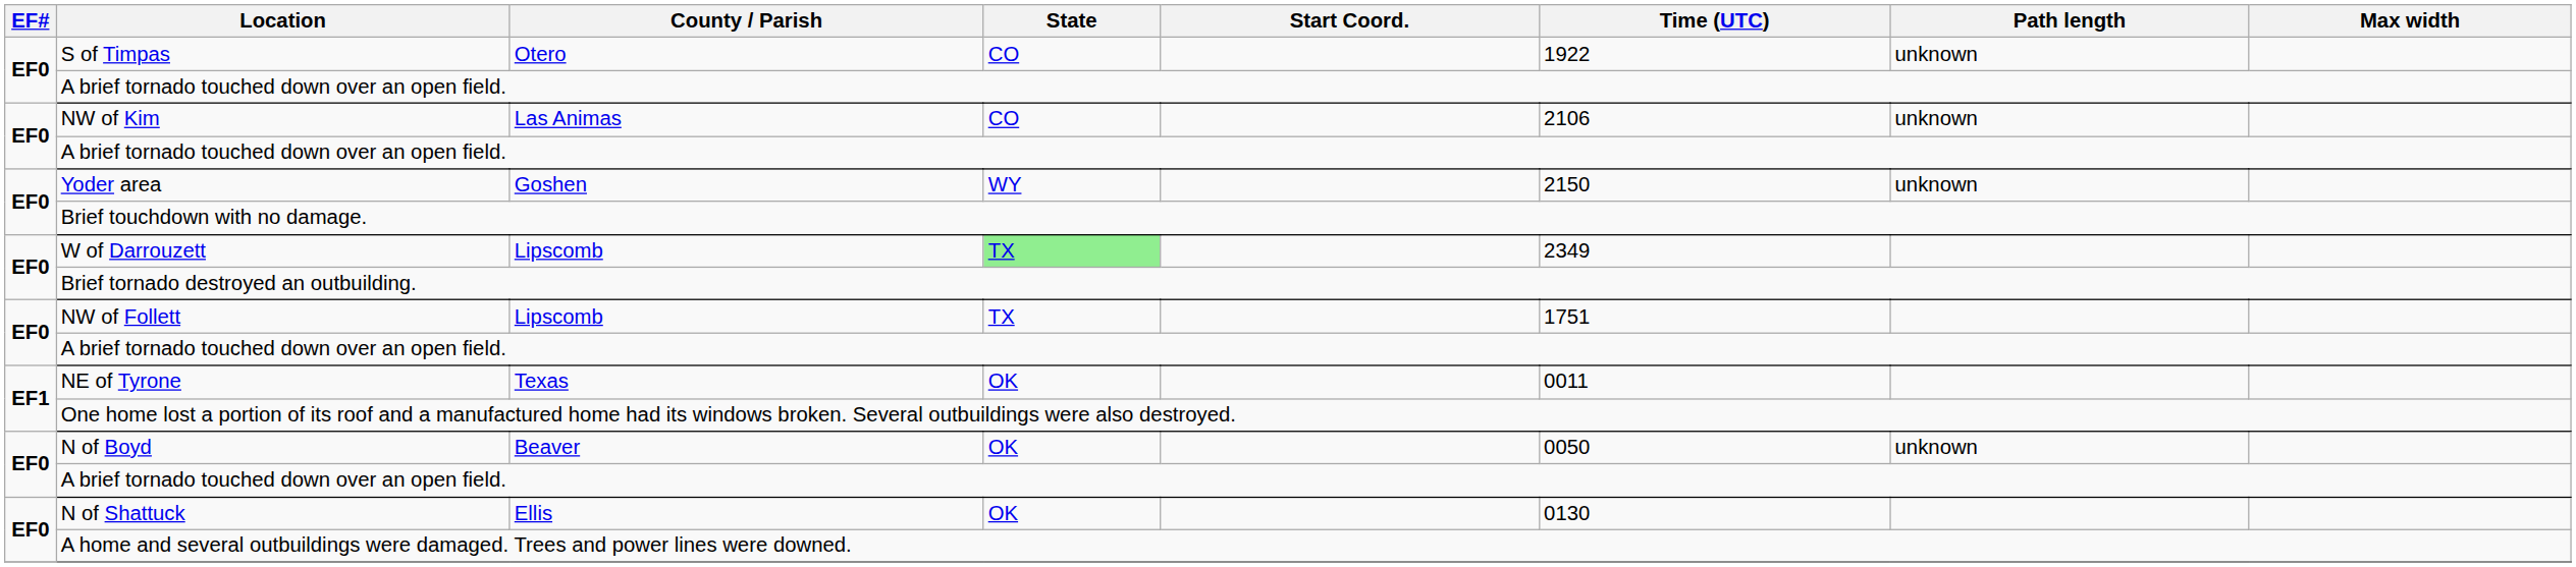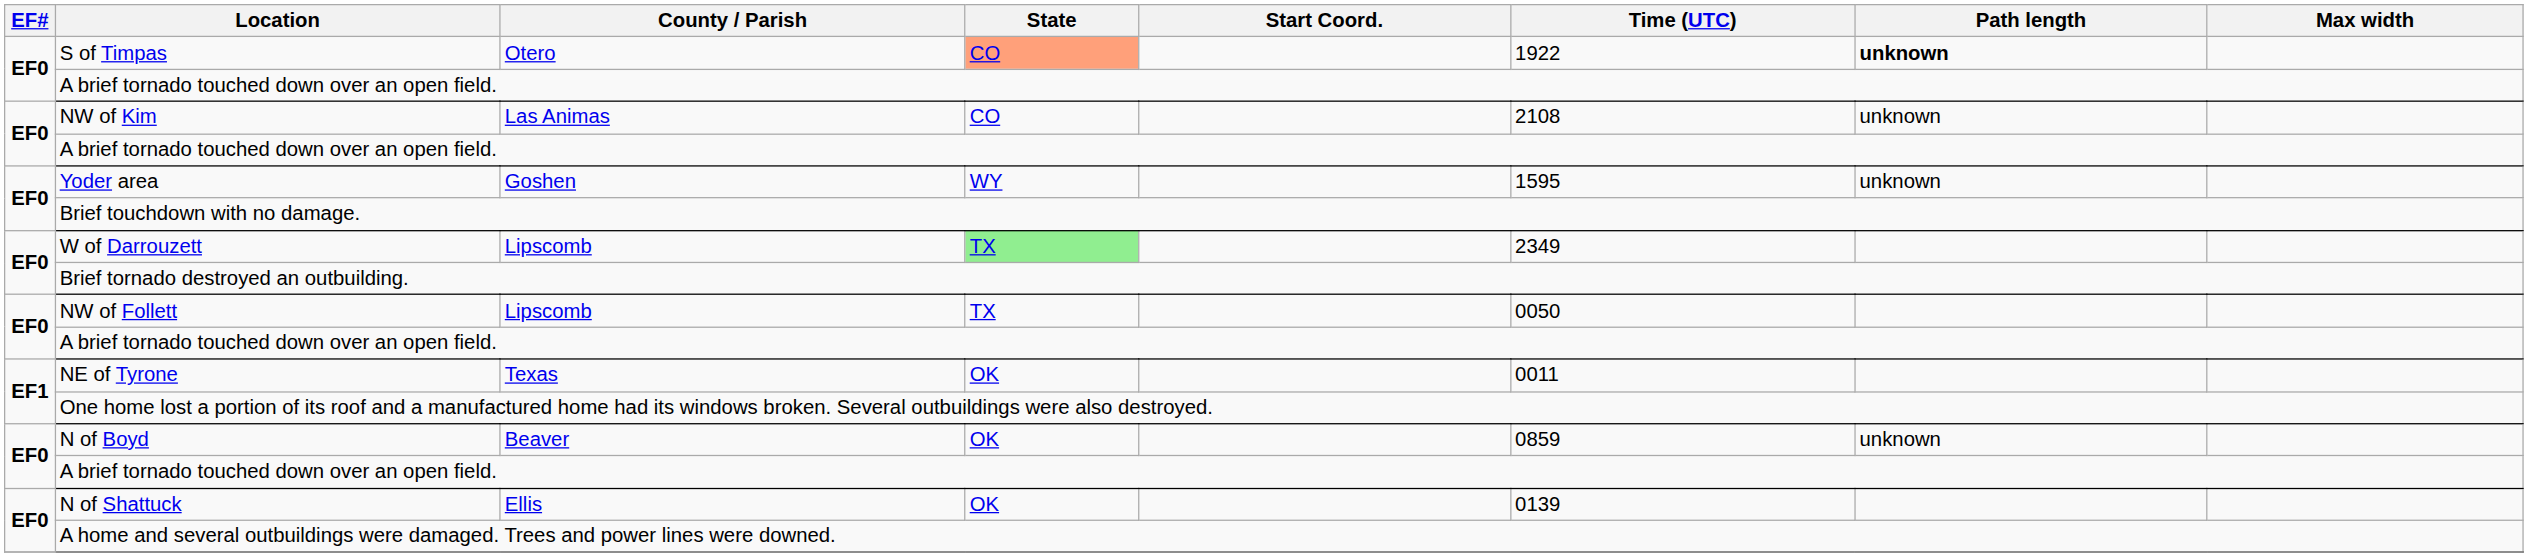 <table class="wikitable sortable" style="width:100%;">
 <tr>
 <th scope="col" width="2%" align="center"><a href='#'>EF#</a></th>
 <th scope="col" align="center" class="unsortable">Location</th>
 <th scope="col" align="center" class="unsortable">County / Parish</th>
 <th scope="col" align="center">State</th>
 <th scope="col" align="center" data-sort-type="number">Start Coord.</th>
 <th scope="col" align="center" data-sort-type="number">Time (<a href='#'>UTC</a>)</th>
 <th scope="col" align="center" data-sort-type="number">Path length</th>
 <th scope="col" align="center" data-sort-type="number">Max width</th>
 </tr>
 <tr>
 <td rowspan="2" align="center"><strong>EF0</strong></td>
 <td>S of <a href='#'>Timpas</a></td>
 <td><a href='#'>Otero</a></td>
-<td><a href='#'>CO</a></td>
+<td style="background: lightsalmon;"><a href='#'>CO</a></td>
 <td></td>
 <td>1922</td>
-<td>unknown</td>
+<td><strong>unknown</strong></td>
 <td></td>
 </tr>
 <tr class="expand-child">
 <td colspan="8" style=" border-bottom: 1px solid black;">A brief tornado touched down over an open field.</td>
 </tr>
 <tr>
 <td rowspan="2" align="center"><strong>EF0</strong></td>
 <td>NW of <a href='#'>Kim</a></td>
 <td><a href='#'>Las Animas</a></td>
 <td><a href='#'>CO</a></td>
 <td></td>
-<td>2106</td>
+<td>2108</td>
 <td>unknown</td>
 <td></td>
 </tr>
 <tr class="expand-child">
 <td colspan="8" style=" border-bottom: 1px solid black;">A brief tornado touched down over an open field.</td>
 </tr>
 <tr>
 <td rowspan="2" align="center"><strong>EF0</strong></td>
 <td><a href='#'>Yoder</a> area</td>
 <td><a href='#'>Goshen</a></td>
 <td><a href='#'>WY</a></td>
 <td></td>
-<td>2150</td>
+<td>1595</td>
 <td>unknown</td>
 <td></td>
 </tr>
 <tr class="expand-child">
 <td colspan="8" style=" border-bottom: 1px solid black;">Brief touchdown with no damage.</td>
 </tr>
 <tr>
 <td rowspan="2" align="center"><strong>EF0</strong></td>
 <td>W of <a href='#'>Darrouzett</a></td>
 <td><a href='#'>Lipscomb</a></td>
 <td style="background: lightgreen;"><a href='#'>TX</a></td>
 <td></td>
 <td>2349</td>
 <td></td>
 <td></td>
 </tr>
 <tr class="expand-child">
 <td colspan="8" style=" border-bottom: 1px solid black;">Brief tornado destroyed an outbuilding.</td>
 </tr>
 <tr>
 <td rowspan="2" align="center"><strong>EF0</strong></td>
 <td>NW of <a href='#'>Follett</a></td>
 <td><a href='#'>Lipscomb</a></td>
 <td><a href='#'>TX</a></td>
 <td></td>
-<td>1751</td>
+<td>0050</td>
 <td></td>
 <td></td>
 </tr>
 <tr class="expand-child">
 <td colspan="8" style=" border-bottom: 1px solid black;">A brief tornado touched down over an open field.</td>
 </tr>
 <tr>
 <td rowspan="2" align="center"><strong>EF1</strong></td>
 <td>NE of <a href='#'>Tyrone</a></td>
 <td><a href='#'>Texas</a></td>
 <td><a href='#'>OK</a></td>
 <td></td>
 <td>0011</td>
 <td></td>
 <td></td>
 </tr>
 <tr class="expand-child">
 <td colspan="8" style=" border-bottom: 1px solid black;">One home lost a portion of its roof and a manufactured home had its windows broken. Several outbuildings were also destroyed.</td>
 </tr>
 <tr>
 <td rowspan="2" align="center"><strong>EF0</strong></td>
 <td>N of <a href='#'>Boyd</a></td>
 <td><a href='#'>Beaver</a></td>
 <td><a href='#'>OK</a></td>
 <td></td>
-<td>0050</td>
+<td>0859</td>
 <td>unknown</td>
 <td></td>
 </tr>
 <tr class="expand-child">
 <td colspan="8" style=" border-bottom: 1px solid black;">A brief tornado touched down over an open field.</td>
 </tr>
 <tr>
 <td rowspan="2" align="center"><strong>EF0</strong></td>
 <td>N of <a href='#'>Shattuck</a></td>
 <td><a href='#'>Ellis</a></td>
 <td><a href='#'>OK</a></td>
 <td></td>
-<td>0130</td>
+<td>0139</td>
 <td></td>
 <td></td>
 </tr>
 <tr class="expand-child">
 <td colspan="8" style=" border-bottom: 1px solid black;">A home and several outbuildings were damaged. Trees and power lines were downed.</td>
 </tr>
 <tr>
 </tr>
 </table>
